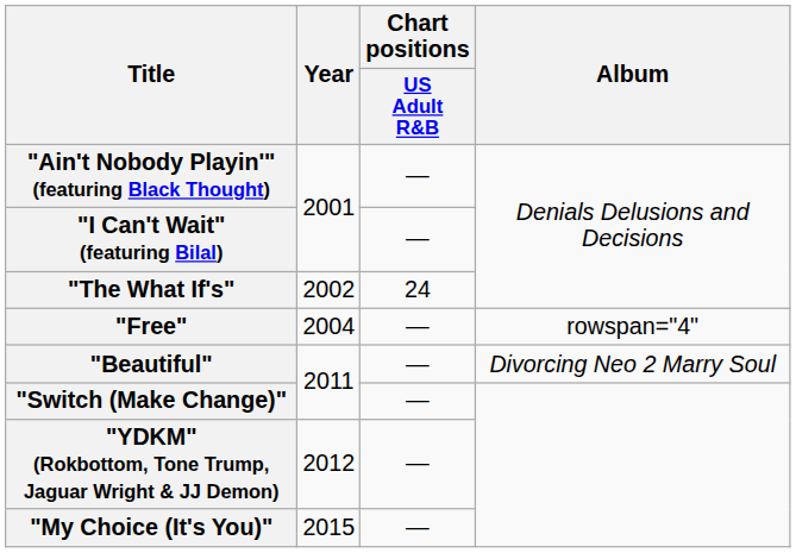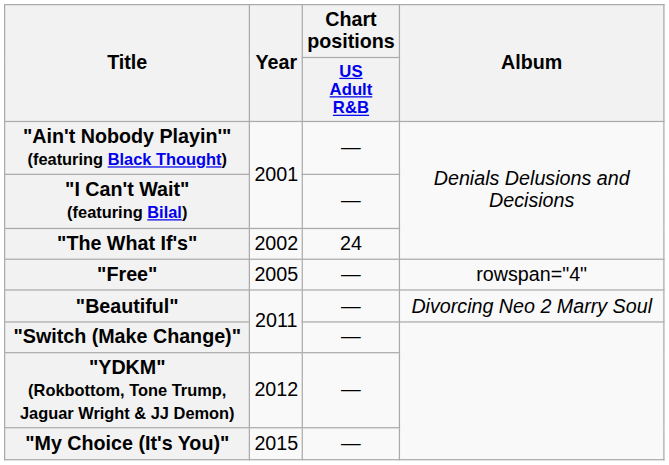 <table class="wikitable plainrowheaders" style="text-align:center;" border="1">
 <tr>
 <th scope="col" rowspan="2" style="width:12em;">Title</th>
 <th scope="col" rowspan="2" style="width:1em;">Year</th>
 <th scope="col" colspan="1">Chart positions</th>
 <th scope="col" rowspan="2" style="width:13em;">Album</th>
 </tr>
 <tr>
 <th scope="col" style="width:3em;font-size:85%;"><a href='#'>US<br>Adult<br>R&B</a><br></th>
 </tr>
 <tr>
 <th scope="row">"Ain't Nobody Playin'"<br><small>(featuring <a href='#'>Black Thought</a>)</small></th>
 <td rowspan="2">2001</td>
 <td>—</td>
 <td rowspan="3"><em>Denials Delusions and Decisions</em></td>
 </tr>
 <tr>
 <th scope="row">"I Can't Wait"<br><small>(featuring <a href='#'>Bilal</a>)</small></th>
 <td>—</td>
 </tr>
 <tr>
 <th scope="row">"The What If's"</th>
 <td>2002</td>
 <td>24</td>
 </tr>
 <tr>
 <th scope="row">"Free"</th>
-<td>2004</td>
+<td>2005</td>
 <td>—</td>
 <td>rowspan="4" </td>
 </tr>
 <tr>
 <th scope="row">"Beautiful"</th>
 <td rowspan="2">2011</td>
 <td>—</td>
 <td><em>Divorcing Neo 2 Marry Soul</em></td>
 </tr>
 <tr>
 <th scope="row">"Switch (Make Change)"</th>
 <td>—</td>
 </tr>
 <tr>
 <th scope="row">"YDKM"<br><small>(Rokbottom, Tone Trump, Jaguar Wright & JJ Demon)</small></th>
 <td>2012</td>
 <td>—</td>
 </tr>
 <tr>
 <th scope="row">"My Choice (It's You)"</th>
 <td>2015</td>
 <td>—</td>
 </tr>
 </table>
